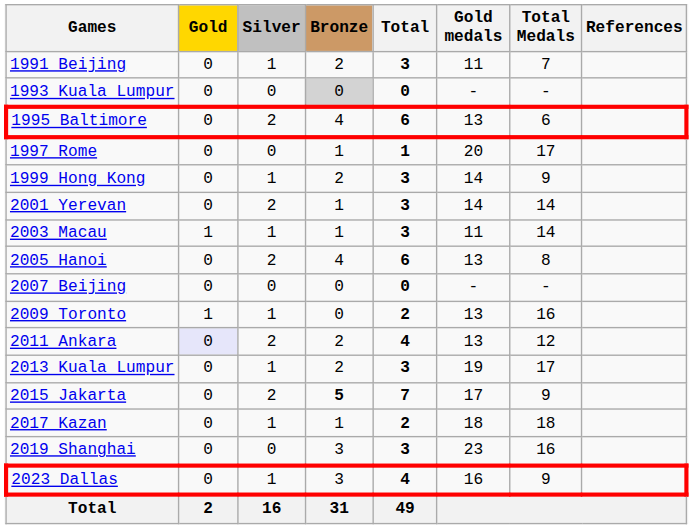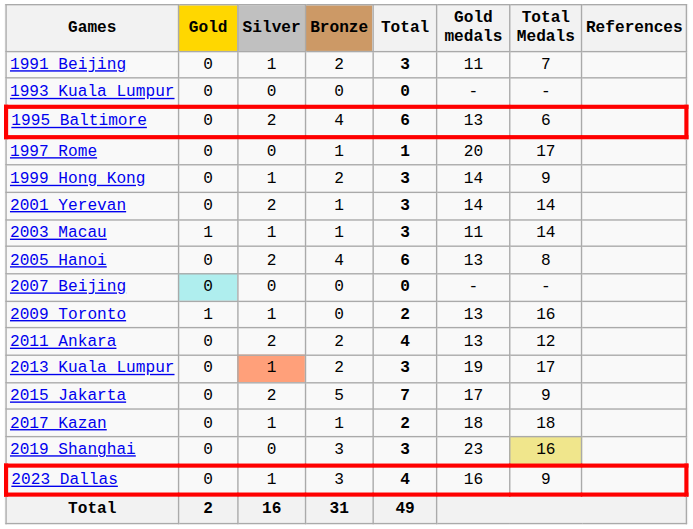 <table class="wikitable" style="text-align:center; font-size:90%;">
 <tr>
 <th>Games</th>
 <td style="background:gold; width:3.2em; font-weight:bold;">Gold</td>
 <td style="background:silver; width:3.7em; font-weight:bold;">Silver</td>
 <td style="background:#c96; width:3.7em; font-weight:bold;">Bronze</td>
 <th style="width:3.5em; font-weight:bold;">Total</th>
 <th style="width:4em; font-weight:bold;">Gold medals</th>
 <th style="width:4em; font-weight:bold;">Total Medals</th>
 <th style="width:4em">References</th>
 </tr>
 <tr>
 <td align=left><a href='#'>1991 Beijing</a></td>
 <td>0</td>
 <td>1</td>
 <td>2</td>
 <td><strong>3</strong></td>
 <td>11</td>
 <td>7</td>
 <td></td>
 </tr>
 <tr>
 <td align=left><a href='#'>1993 Kuala Lumpur</a></td>
 <td>0</td>
 <td>0</td>
-<td style="background: lightgrey;">0</td>
+<td>0</td>
 <td><strong>0</strong></td>
 <td>-</td>
 <td>-</td>
 <td></td>
 </tr>
 <tr style="border: 3px solid red">
 <td align=left><a href='#'>1995 Baltimore</a></td>
 <td>0</td>
 <td>2</td>
 <td>4</td>
 <td><strong>6</strong></td>
 <td>13</td>
 <td>6</td>
 <td></td>
 </tr>
 <tr>
 <td align=left><a href='#'>1997 Rome</a></td>
 <td>0</td>
 <td>0</td>
 <td>1</td>
 <td><strong>1</strong></td>
 <td>20</td>
 <td>17</td>
 <td></td>
 </tr>
 <tr>
 <td align=left> <a href='#'>1999 Hong Kong</a></td>
 <td>0</td>
 <td>1</td>
 <td>2</td>
 <td><strong>3</strong></td>
 <td>14</td>
 <td>9</td>
 <td></td>
 </tr>
 <tr>
 <td align=left><a href='#'>2001 Yerevan</a></td>
 <td>0</td>
 <td>2</td>
 <td>1</td>
 <td><strong>3</strong></td>
 <td>14</td>
 <td>14</td>
 <td></td>
 </tr>
 <tr>
 <td align=left><a href='#'>2003 Macau</a></td>
 <td>1</td>
 <td>1</td>
 <td>1</td>
 <td><strong>3</strong></td>
 <td>11</td>
 <td>14</td>
 <td></td>
 </tr>
 <tr>
 <td align=left><a href='#'>2005 Hanoi</a></td>
 <td>0</td>
 <td>2</td>
 <td>4</td>
 <td><strong>6</strong></td>
 <td>13</td>
 <td>8</td>
 <td></td>
 </tr>
 <tr>
 <td align=left><a href='#'>2007 Beijing</a></td>
-<td>0</td>
+<td style="background: paleturquoise;">0</td>
 <td>0</td>
 <td>0</td>
 <td><strong>0</strong></td>
 <td>-</td>
 <td>-</td>
 <td></td>
 </tr>
 <tr>
 <td align=left><a href='#'>2009 Toronto</a></td>
 <td>1</td>
 <td>1</td>
 <td>0</td>
 <td><strong>2</strong></td>
 <td>13</td>
 <td>16</td>
 <td></td>
 </tr>
 <tr>
 <td align=left><a href='#'>2011 Ankara</a></td>
-<td style="background: lavender;">0</td>
+<td>0</td>
 <td>2</td>
 <td>2</td>
 <td><strong>4</strong></td>
 <td>13</td>
 <td>12</td>
 <td></td>
 </tr>
 <tr>
 <td align=left><a href='#'>2013 Kuala Lumpur</a></td>
 <td>0</td>
-<td>1</td>
+<td style="background: lightsalmon;">1</td>
 <td>2</td>
 <td><strong>3</strong></td>
 <td>19</td>
 <td>17</td>
 <td></td>
 </tr>
 <tr>
 <td align=left><a href='#'>2015 Jakarta</a></td>
 <td>0</td>
 <td>2</td>
-<td><strong>5</strong></td>
+<td>5</td>
 <td><strong>7</strong></td>
 <td>17</td>
 <td>9</td>
 <td></td>
 </tr>
 <tr>
 <td align=left><a href='#'>2017 Kazan</a></td>
 <td>0</td>
 <td>1</td>
 <td>1</td>
 <td><strong>2</strong></td>
 <td>18</td>
 <td>18</td>
 <td></td>
 </tr>
 <tr>
 <td align=left><a href='#'>2019 Shanghai</a></td>
 <td>0</td>
 <td>0</td>
 <td>3</td>
 <td><strong>3</strong></td>
 <td>23</td>
-<td>16</td>
+<td style="background: khaki;">16</td>
 <td></td>
 </tr>
 <tr style="border: 3px solid red">
 <td align=left> <a href='#'>2023 Dallas</a></td>
 <td>0</td>
 <td>1</td>
 <td>3</td>
 <td><strong>4</strong></td>
 <td>16</td>
 <td>9</td>
 <td></td>
 </tr>
 <tr>
 <th>Total</th>
 <th>2</th>
 <th>16</th>
 <th>31</th>
 <th>49</th>
 <th colspan="3"></th>
 </tr>
 </table>
